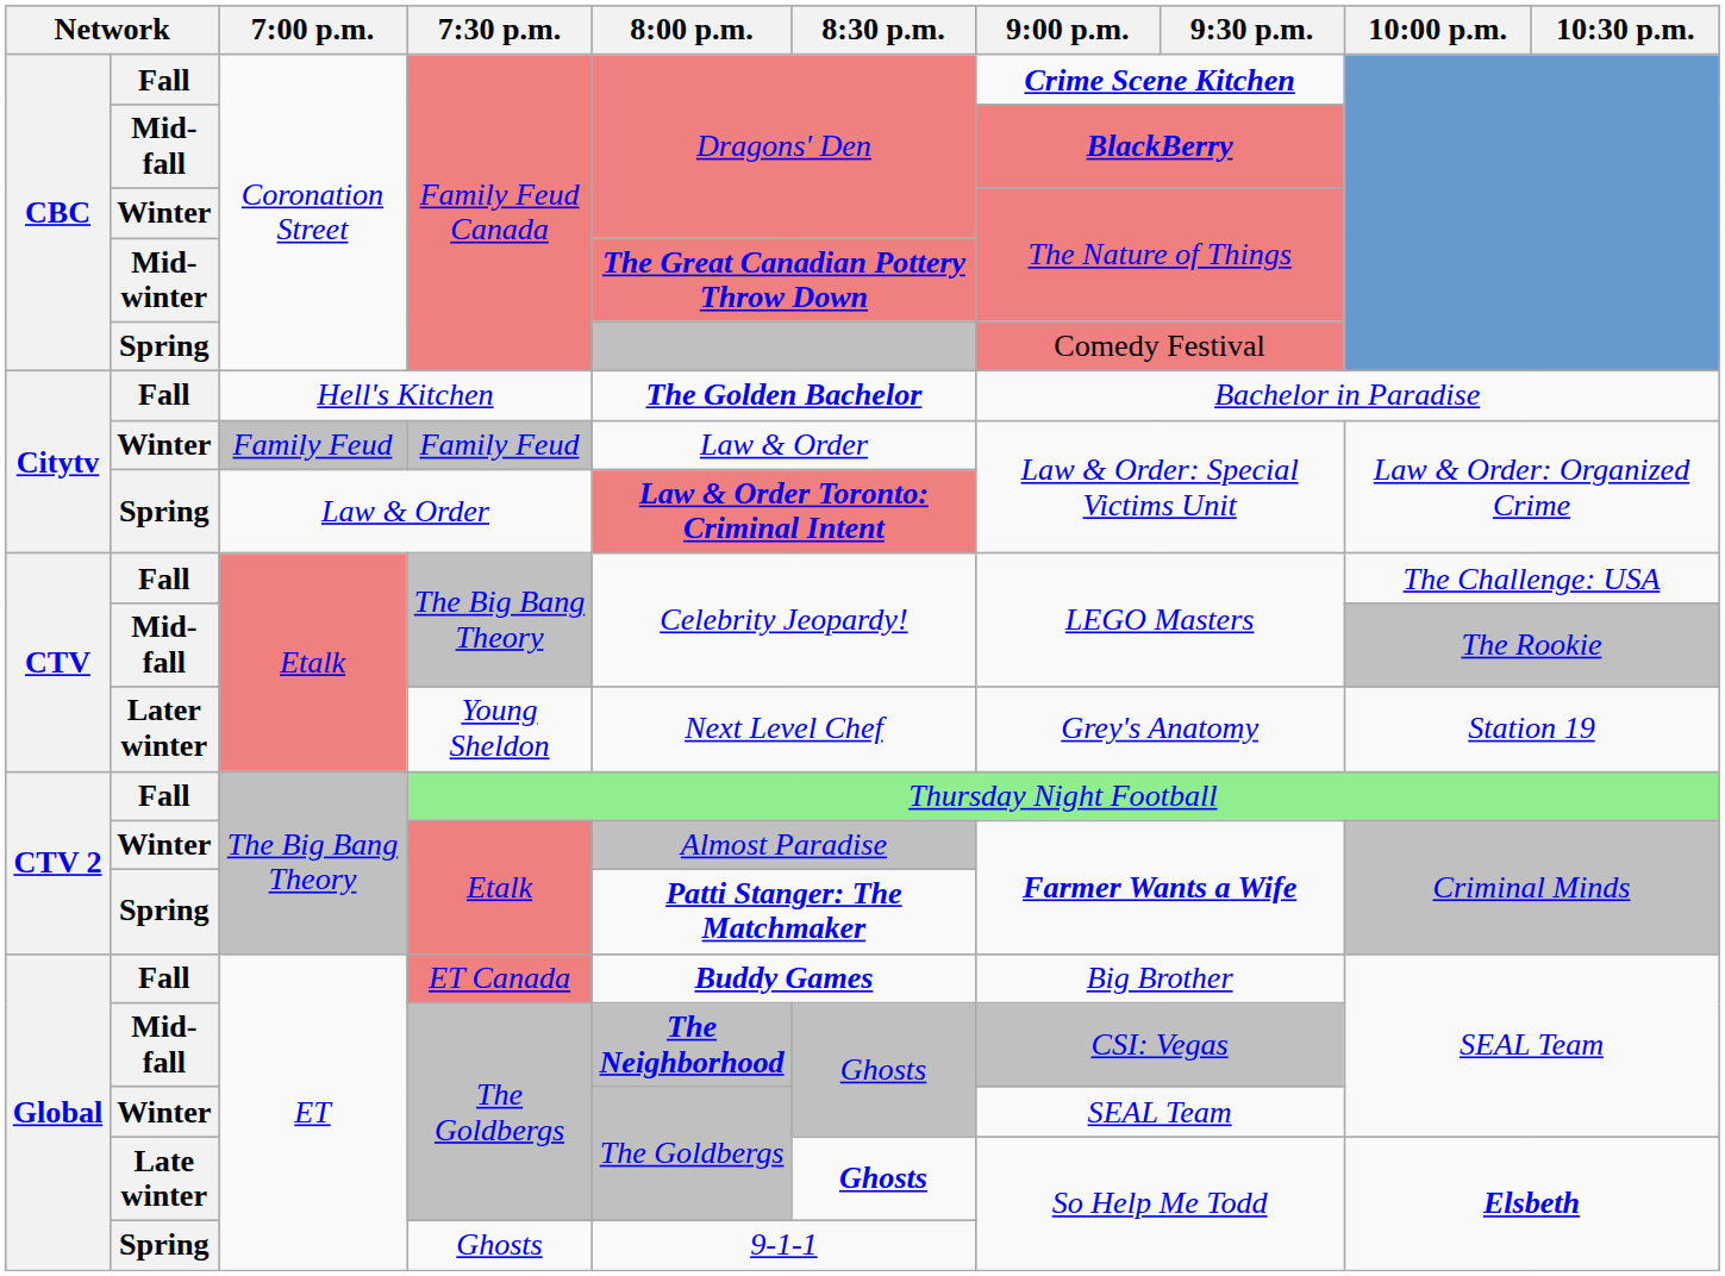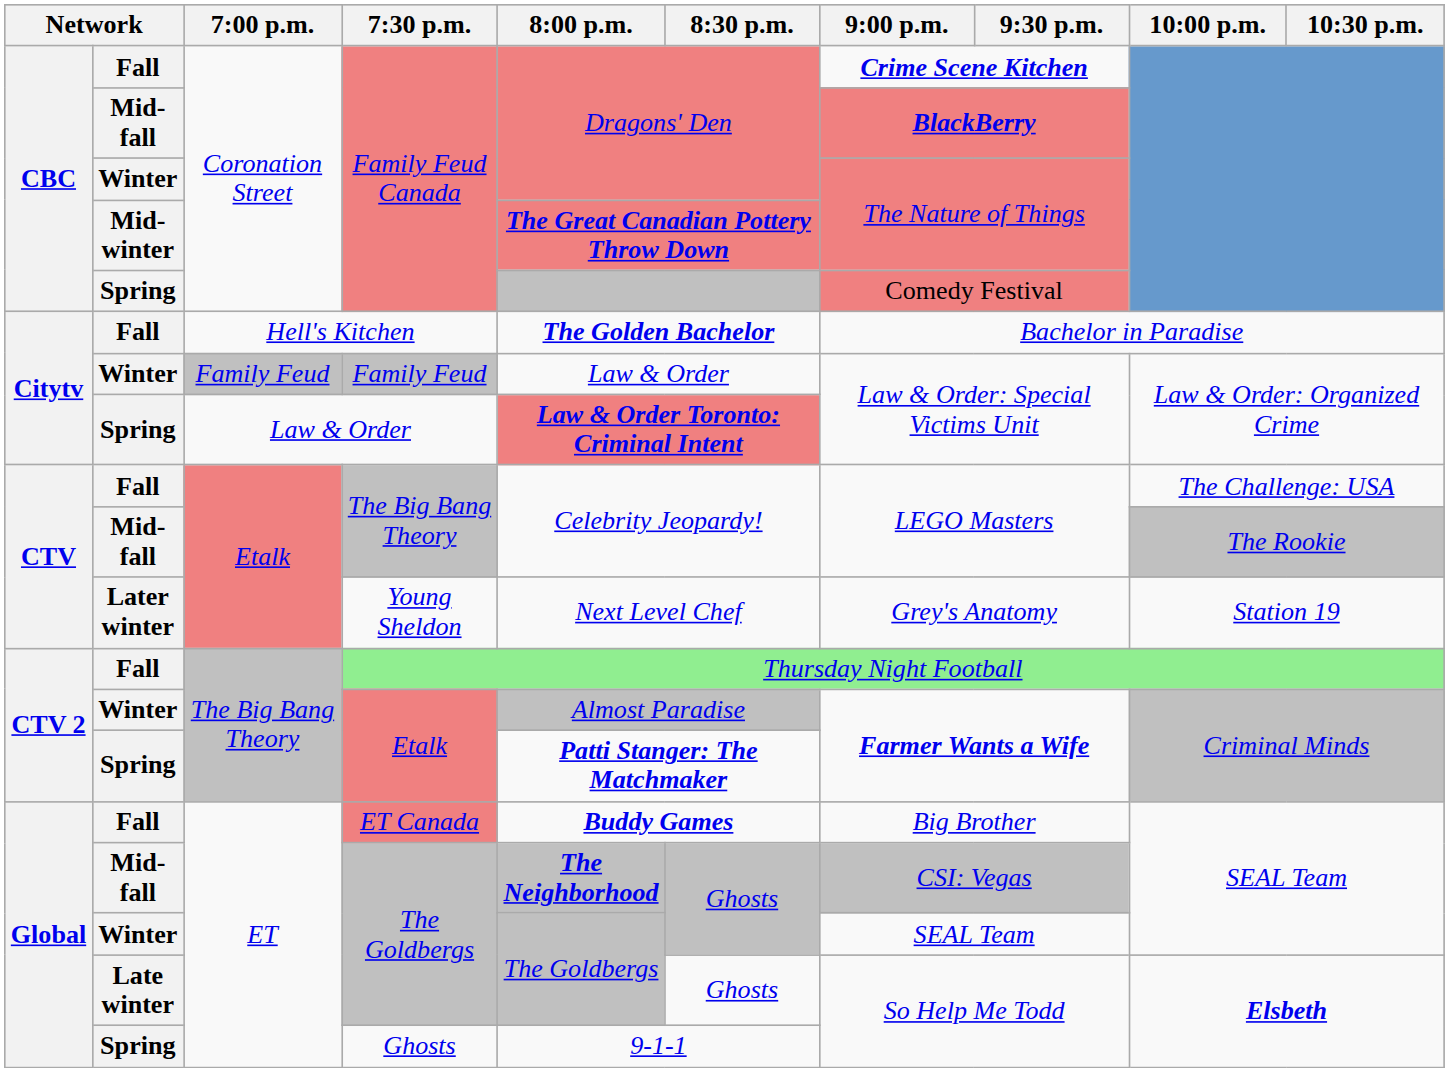 <table class=wikitable style=width:100%;margin-right:0;text-align:center>
 <tr>
 <th style=width:8% colspan=2>Network</th>
 <th style=width:11.5%>7:00 p.m.</th>
 <th style=width:11.5%>7:30 p.m.</th>
 <th style=width:11.5%>8:00 p.m.</th>
 <th style=width:11.5%>8:30 p.m.</th>
 <th style=width:11.5%>9:00 p.m.</th>
 <th style=width:11.5%>9:30 p.m.</th>
 <th style=width:11.5%>10:00 p.m.</th>
 <th style=width:11.5%>10:30 p.m.</th>
 </tr>
 <tr>
 <th rowspan=5><a href='#'>CBC</a></th>
 <th>Fall</th>
 <td rowspan=5><em><a href='#'>Coronation Street</a></em></td>
 <td rowspan=5 style=background:#F08080><em><a href='#'>Family Feud Canada</a></em> </td>
 <td rowspan=3 colspan=2 style=background:#F08080><em><a href='#'>Dragons' Den</a></em> </td>
 <td colspan=2><strong><em><a href='#'>Crime Scene Kitchen</a></em></strong> </td>
 <td rowspan=5 colspan=2 style=background:#6699CC></td>
 </tr>
 <tr>
 <th>Mid-fall</th>
 <td colspan=2 style=background:#F08080><strong><em><a href='#'>BlackBerry</a></em></strong> </td>
 </tr>
 <tr>
 <th>Winter</th>
 <td rowspan=2 colspan=2 style=background:#F08080><em><a href='#'>The Nature of Things</a></em> </td>
 </tr>
 <tr>
 <th>Mid-winter</th>
 <td colspan=2 style=background:#F08080><strong><em><a href='#'>The Great Canadian Pottery Throw Down</a></em></strong> </td>
 </tr>
 <tr>
 <th>Spring</th>
 <td colspan=2 style=background:#C0C0C0> </td>
 <td colspan=2 style=background:#F08080>Comedy Festival </td>
 </tr>
 <tr>
 <th rowspan=3><a href='#'>Citytv</a></th>
 <th>Fall</th>
 <td colspan=2><em><a href='#'>Hell's Kitchen</a></em> </td>
 <td colspan=2><strong><em><a href='#'>The Golden Bachelor</a></em></strong> </td>
 <td colspan=4><em><a href='#'>Bachelor in Paradise</a></em> </td>
 </tr>
 <tr>
 <th>Winter</th>
 <td style=background:#C0C0C0><em><a href='#'>Family Feud</a></em> </td>
 <td style=background:#C0C0C0><em><a href='#'>Family Feud</a></em> </td>
 <td colspan=2><em><a href='#'>Law & Order</a></em> </td>
 <td colspan=2 rowspan=2><em><a href='#'>Law & Order: Special Victims Unit</a></em> </td>
 <td colspan=2 rowspan=2><em><a href='#'>Law & Order: Organized Crime</a></em> </td>
 </tr>
 <tr>
 <th>Spring</th>
 <td colspan=2><em><a href='#'>Law & Order</a></em> </td>
 <td colspan=2 style=background:#F08080><strong><em><a href='#'>Law & Order Toronto: Criminal Intent</a></em></strong> </td>
 </tr>
 <tr>
 <th rowspan=3><a href='#'>CTV</a></th>
 <th>Fall</th>
 <td style=background:#F08080 rowspan=3><em><a href='#'>Etalk</a></em></td>
 <td style=background:#C0C0C0 rowspan=2><em><a href='#'>The Big Bang Theory</a></em> </td>
 <td colspan=2 rowspan=2><em><a href='#'>Celebrity Jeopardy!</a></em> </td>
 <td colspan=2 rowspan=2><em><a href='#'>LEGO Masters</a></em> </td>
 <td colspan=2><em><a href='#'>The Challenge: USA</a></em></td>
 </tr>
 <tr>
 <th>Mid-fall</th>
 <td style=background:#C0C0C0 colspan=2><em><a href='#'>The Rookie</a></em> </td>
 </tr>
 <tr>
 <th>Later winter</th>
 <td><em><a href='#'>Young Sheldon</a></em> </td>
 <td colspan=2><em><a href='#'>Next Level Chef</a></em> </td>
 <td colspan=2><em><a href='#'>Grey's Anatomy</a></em> </td>
 <td colspan=2><em><a href='#'>Station 19</a></em> </td>
 </tr>
 <tr>
 <th rowspan=3><a href='#'>CTV 2</a></th>
 <th>Fall</th>
 <td style=background:#C0C0C0 rowspan=3><em><a href='#'>The Big Bang Theory</a></em>  </td>
 <td style=background:lightgreen colspan=7><em><a href='#'>Thursday Night Football</a></em> </td>
 </tr>
 <tr>
 <th>Winter</th>
 <td style=background:#F08080 rowspan=2><em><a href='#'>Etalk</a></em></td>
 <td style=background:#C0C0C0 colspan=2><em><a href='#'>Almost Paradise</a></em> </td>
 <td colspan=2 rowspan=2><strong><em><a href='#'>Farmer Wants a Wife</a></em></strong> </td>
 <td style=background:#C0C0C0 colspan=2 rowspan=2><em><a href='#'>Criminal Minds</a></em> </td>
 </tr>
 <tr>
 <th>Spring</th>
 <td colspan=2><strong><em><a href='#'>Patti Stanger: The Matchmaker</a></em></strong> </td>
 </tr>
 <tr>
 <th rowspan=5><a href='#'>Global</a></th>
 <th>Fall</th>
 <td rowspan=5><em><a href='#'>ET</a></em> </td>
 <td style=background:#f08080><em><a href='#'>ET Canada</a></em> </td>
 <td colspan=2><strong><em><a href='#'>Buddy Games</a></em></strong> </td>
 <td colspan=2><em><a href='#'>Big Brother</a></em></td>
 <td colspan=2 rowspan=3><em><a href='#'>SEAL Team</a></em>  </td>
 </tr>
 <tr>
 <th>Mid-fall</th>
 <td style=background:#C0C0C0 rowspan=3><em><a href='#'>The Goldbergs</a></em> </td>
 <td style=background:#C0C0C0><strong><em><a href='#'>The Neighborhood</a></em> </strong></td>
 <td style=background:#C0C0C0 rowspan=2><em><a href='#'>Ghosts</a></em> </td>
 <td style=background:#C0C0C0 colspan=2><em><a href='#'>CSI: Vegas</a></em> </td>
 </tr>
 <tr>
 <th>Winter</th>
 <td style=background:#C0C0C0 rowspan=2><em><a href='#'>The Goldbergs</a></em> </td>
 <td colspan=2><em><a href='#'>SEAL Team</a></em></td>
 </tr>
 <tr>
 <th>Late winter</th>
-<td><strong><em><a href='#'>Ghosts</a></em> </strong></td>
+<td><em><a href='#'>Ghosts</a></em> </td>
 <td colspan=2 rowspan=2><em><a href='#'>So Help Me Todd</a></em> </td>
 <td colspan=2 rowspan=2><strong><em><a href='#'>Elsbeth</a></em></strong> </td>
 </tr>
 <tr>
 <th>Spring</th>
 <td><em><a href='#'>Ghosts</a></em> </td>
 <td colspan=2><em><a href='#'>9-1-1</a></em> </td>
 </tr>
 </table>
